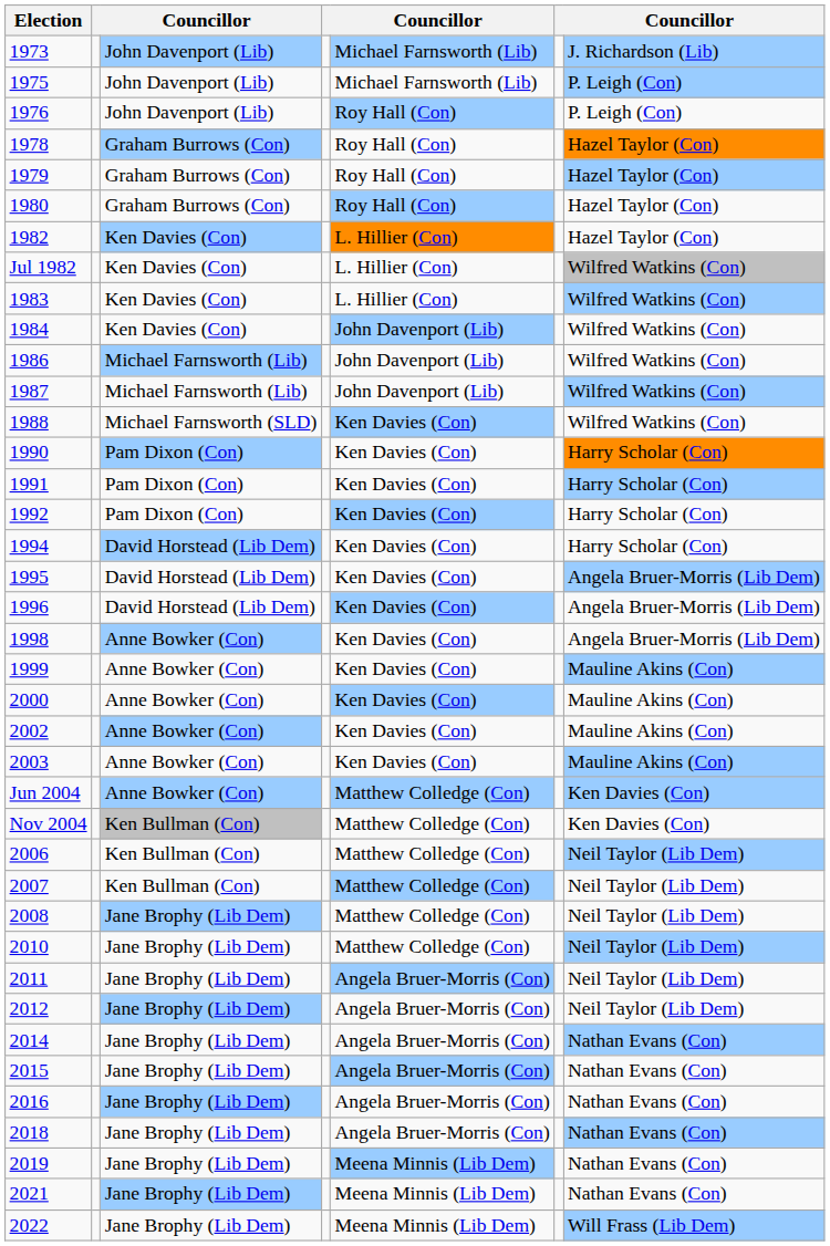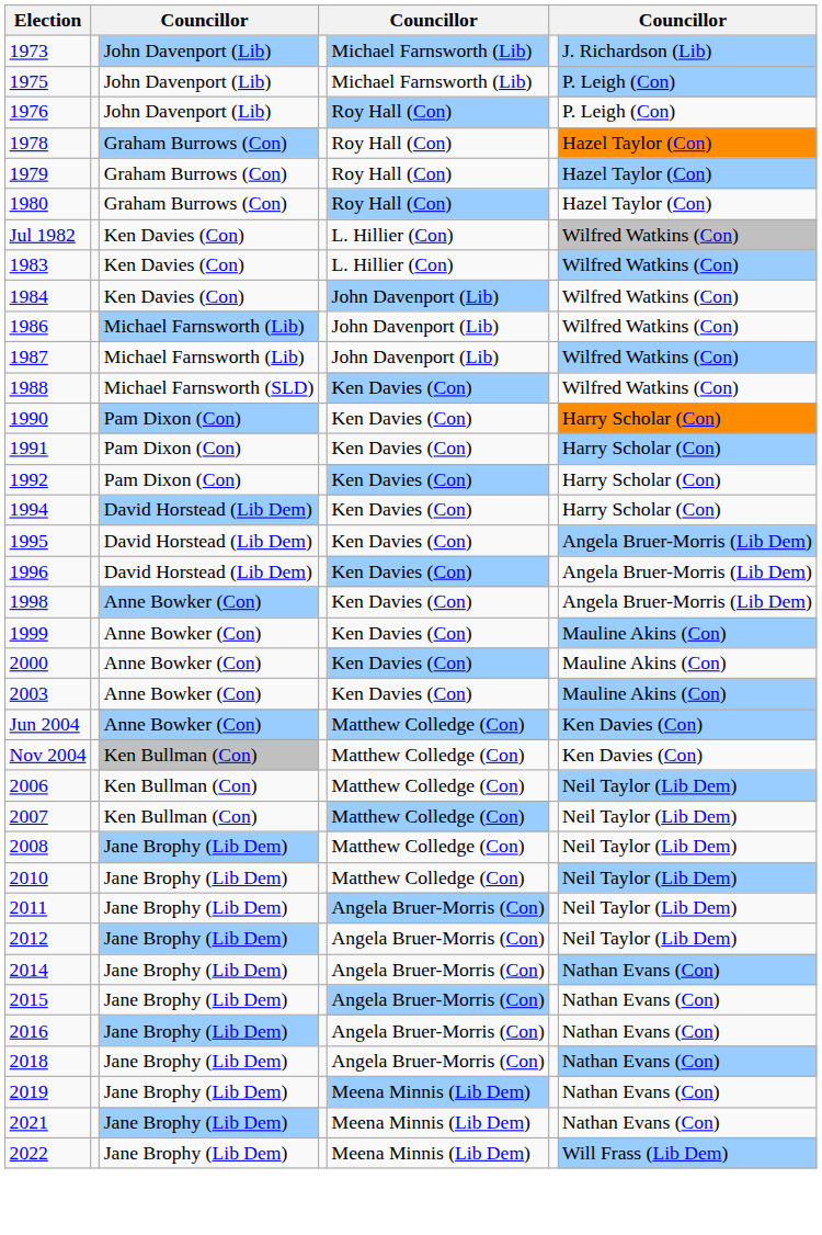 <table class="wikitable">
 <tr>
 <th>Election</th>
 <th colspan="2">Councillor</th>
 <th colspan="2">Councillor</th>
 <th colspan="2">Councillor</th>
 </tr>
 <tr>
 <td><a href='#'>1973</a></td>
 <td style="background-color: "></td>
 <td bgcolor="#99CCFF">John Davenport (<a href='#'>Lib</a>)</td>
 <td style="background-color: "></td>
 <td bgcolor="#99CCFF">Michael Farnsworth (<a href='#'>Lib</a>)</td>
 <td style="background-color: "></td>
 <td bgcolor="#99CCFF">J. Richardson (<a href='#'>Lib</a>)</td>
 </tr>
 <tr>
 <td><a href='#'>1975</a></td>
 <td style="background-color: "></td>
 <td>John Davenport (<a href='#'>Lib</a>)</td>
 <td style="background-color: "></td>
 <td>Michael Farnsworth (<a href='#'>Lib</a>)</td>
 <td style="background-color: "></td>
 <td bgcolor="#99CCFF">P. Leigh (<a href='#'>Con</a>)</td>
 </tr>
 <tr>
 <td><a href='#'>1976</a></td>
 <td style="background-color: "></td>
 <td>John Davenport (<a href='#'>Lib</a>)</td>
 <td style="background-color: "></td>
 <td bgcolor="#99CCFF">Roy Hall (<a href='#'>Con</a>)</td>
 <td style="background-color: "></td>
 <td>P. Leigh (<a href='#'>Con</a>)</td>
 </tr>
 <tr>
 <td><a href='#'>1978</a></td>
 <td style="background-color: "></td>
 <td bgcolor="#99CCFF">Graham Burrows (<a href='#'>Con</a>)</td>
 <td style="background-color: "></td>
 <td>Roy Hall (<a href='#'>Con</a>)</td>
 <td style="background-color: "></td>
 <td bgcolor="#FF8C00">Hazel Taylor (<a href='#'>Con</a>)</td>
 </tr>
 <tr>
 <td><a href='#'>1979</a></td>
 <td style="background-color: "></td>
 <td>Graham Burrows (<a href='#'>Con</a>)</td>
 <td style="background-color: "></td>
 <td>Roy Hall (<a href='#'>Con</a>)</td>
 <td style="background-color: "></td>
 <td bgcolor="#99CCFF">Hazel Taylor (<a href='#'>Con</a>)</td>
 </tr>
 <tr>
 <td><a href='#'>1980</a></td>
 <td style="background-color: "></td>
 <td>Graham Burrows (<a href='#'>Con</a>)</td>
 <td style="background-color: "></td>
 <td bgcolor="#99CCFF">Roy Hall (<a href='#'>Con</a>)</td>
-<td style="background-color: "></td>
-<td>Hazel Taylor (<a href='#'>Con</a>)</td>
-</tr>
-<tr>
-<td><a href='#'>1982</a></td>
-<td style="background-color: "></td>
-<td bgcolor="#99CCFF">Ken Davies (<a href='#'>Con</a>)</td>
-<td style="background-color: "></td>
-<td bgcolor="#FF8C00">L. Hillier (<a href='#'>Con</a>)</td>
 <td style="background-color: "></td>
 <td>Hazel Taylor (<a href='#'>Con</a>)</td>
 </tr>
 <tr>
 <td><a href='#'>Jul 1982</a></td>
 <td style="background-color: "></td>
 <td>Ken Davies (<a href='#'>Con</a>)</td>
 <td style="background-color: "></td>
 <td>L. Hillier (<a href='#'>Con</a>)</td>
 <td style="background-color: "></td>
 <td bgcolor="#C0C0C0">Wilfred Watkins (<a href='#'>Con</a>)</td>
 </tr>
 <tr>
 <td><a href='#'>1983</a></td>
 <td style="background-color: "></td>
 <td>Ken Davies (<a href='#'>Con</a>)</td>
 <td style="background-color: "></td>
 <td>L. Hillier (<a href='#'>Con</a>)</td>
 <td style="background-color: "></td>
 <td bgcolor="#99CCFF">Wilfred Watkins (<a href='#'>Con</a>)</td>
 </tr>
 <tr>
 <td><a href='#'>1984</a></td>
 <td style="background-color: "></td>
 <td>Ken Davies (<a href='#'>Con</a>)</td>
 <td style="background-color: "></td>
 <td bgcolor="#99CCFF">John Davenport (<a href='#'>Lib</a>)</td>
 <td style="background-color: "></td>
 <td>Wilfred Watkins (<a href='#'>Con</a>)</td>
 </tr>
 <tr>
 <td><a href='#'>1986</a></td>
 <td style="background-color: "></td>
 <td bgcolor="#99CCFF">Michael Farnsworth (<a href='#'>Lib</a>)</td>
 <td style="background-color: "></td>
 <td>John Davenport (<a href='#'>Lib</a>)</td>
 <td style="background-color: "></td>
 <td>Wilfred Watkins (<a href='#'>Con</a>)</td>
 </tr>
 <tr>
 <td><a href='#'>1987</a></td>
 <td style="background-color: "></td>
 <td>Michael Farnsworth (<a href='#'>Lib</a>)</td>
 <td style="background-color: "></td>
 <td>John Davenport (<a href='#'>Lib</a>)</td>
 <td style="background-color: "></td>
 <td bgcolor="#99CCFF">Wilfred Watkins (<a href='#'>Con</a>)</td>
 </tr>
 <tr>
 <td><a href='#'>1988</a></td>
 <td style="background-color: "></td>
 <td>Michael Farnsworth (<a href='#'>SLD</a>)</td>
 <td style="background-color: "></td>
 <td bgcolor="#99CCFF">Ken Davies (<a href='#'>Con</a>)</td>
 <td style="background-color: "></td>
 <td>Wilfred Watkins (<a href='#'>Con</a>)</td>
 </tr>
 <tr>
 <td><a href='#'>1990</a></td>
 <td style="background-color: "></td>
 <td bgcolor="#99CCFF">Pam Dixon (<a href='#'>Con</a>)</td>
 <td style="background-color: "></td>
 <td>Ken Davies (<a href='#'>Con</a>)</td>
 <td style="background-color: "></td>
 <td bgcolor="#FF8C00">Harry Scholar (<a href='#'>Con</a>)</td>
 </tr>
 <tr>
 <td><a href='#'>1991</a></td>
 <td style="background-color: "></td>
 <td>Pam Dixon (<a href='#'>Con</a>)</td>
 <td style="background-color: "></td>
 <td>Ken Davies (<a href='#'>Con</a>)</td>
 <td style="background-color: "></td>
 <td bgcolor="#99CCFF">Harry Scholar (<a href='#'>Con</a>)</td>
 </tr>
 <tr>
 <td><a href='#'>1992</a></td>
 <td style="background-color: "></td>
 <td>Pam Dixon (<a href='#'>Con</a>)</td>
 <td style="background-color: "></td>
 <td bgcolor="#99CCFF">Ken Davies (<a href='#'>Con</a>)</td>
 <td style="background-color: "></td>
 <td>Harry Scholar (<a href='#'>Con</a>)</td>
 </tr>
 <tr>
 <td><a href='#'>1994</a></td>
 <td style="background-color: "></td>
 <td bgcolor="#99CCFF">David Horstead (<a href='#'>Lib Dem</a>)</td>
 <td style="background-color: "></td>
 <td>Ken Davies (<a href='#'>Con</a>)</td>
 <td style="background-color: "></td>
 <td>Harry Scholar (<a href='#'>Con</a>)</td>
 </tr>
 <tr>
 <td><a href='#'>1995</a></td>
 <td style="background-color: "></td>
 <td>David Horstead (<a href='#'>Lib Dem</a>)</td>
 <td style="background-color: "></td>
 <td>Ken Davies (<a href='#'>Con</a>)</td>
 <td style="background-color: "></td>
 <td bgcolor="#99CCFF">Angela Bruer-Morris (<a href='#'>Lib Dem</a>)</td>
 </tr>
 <tr>
 <td><a href='#'>1996</a></td>
 <td style="background-color: "></td>
 <td>David Horstead (<a href='#'>Lib Dem</a>)</td>
 <td style="background-color: "></td>
 <td bgcolor="#99CCFF">Ken Davies (<a href='#'>Con</a>)</td>
 <td style="background-color: "></td>
 <td>Angela Bruer-Morris (<a href='#'>Lib Dem</a>)</td>
 </tr>
 <tr>
 <td><a href='#'>1998</a></td>
 <td style="background-color: "></td>
 <td bgcolor="#99CCFF">Anne Bowker (<a href='#'>Con</a>)</td>
 <td style="background-color: "></td>
 <td>Ken Davies (<a href='#'>Con</a>)</td>
 <td style="background-color: "></td>
 <td>Angela Bruer-Morris (<a href='#'>Lib Dem</a>)</td>
 </tr>
 <tr>
 <td><a href='#'>1999</a></td>
 <td style="background-color: "></td>
 <td>Anne Bowker (<a href='#'>Con</a>)</td>
 <td style="background-color: "></td>
 <td>Ken Davies (<a href='#'>Con</a>)</td>
 <td style="background-color: "></td>
 <td bgcolor="#99CCFF">Mauline Akins (<a href='#'>Con</a>)</td>
 </tr>
 <tr>
 <td><a href='#'>2000</a></td>
 <td style="background-color: "></td>
 <td>Anne Bowker (<a href='#'>Con</a>)</td>
 <td style="background-color: "></td>
 <td bgcolor="#99CCFF">Ken Davies (<a href='#'>Con</a>)</td>
-<td style="background-color: "></td>
-<td>Mauline Akins (<a href='#'>Con</a>)</td>
-</tr>
-<tr>
-<td><a href='#'>2002</a></td>
-<td style="background-color: "></td>
-<td bgcolor="#99CCFF">Anne Bowker (<a href='#'>Con</a>)</td>
-<td style="background-color: "></td>
-<td>Ken Davies (<a href='#'>Con</a>)</td>
 <td style="background-color: "></td>
 <td>Mauline Akins (<a href='#'>Con</a>)</td>
 </tr>
 <tr>
 <td><a href='#'>2003</a></td>
 <td style="background-color: "></td>
 <td>Anne Bowker (<a href='#'>Con</a>)</td>
 <td style="background-color: "></td>
 <td>Ken Davies (<a href='#'>Con</a>)</td>
 <td style="background-color: "></td>
 <td bgcolor="#99CCFF">Mauline Akins (<a href='#'>Con</a>)</td>
 </tr>
 <tr>
 <td><a href='#'>Jun 2004</a></td>
 <td style="background-color: "></td>
 <td bgcolor="#99CCFF">Anne Bowker (<a href='#'>Con</a>)</td>
 <td style="background-color: "></td>
 <td bgcolor="#99CCFF">Matthew Colledge (<a href='#'>Con</a>)</td>
 <td style="background-color: "></td>
 <td bgcolor="#99CCFF">Ken Davies (<a href='#'>Con</a>)</td>
 </tr>
 <tr>
 <td><a href='#'>Nov 2004</a></td>
 <td style="background-color: "></td>
 <td bgcolor="#C0C0C0">Ken Bullman (<a href='#'>Con</a>)</td>
 <td style="background-color: "></td>
 <td>Matthew Colledge (<a href='#'>Con</a>)</td>
 <td style="background-color: "></td>
 <td>Ken Davies (<a href='#'>Con</a>)</td>
 </tr>
 <tr>
 <td><a href='#'>2006</a></td>
 <td style="background-color: "></td>
 <td>Ken Bullman (<a href='#'>Con</a>)</td>
 <td style="background-color: "></td>
 <td>Matthew Colledge (<a href='#'>Con</a>)</td>
 <td style="background-color: "></td>
 <td bgcolor="#99CCFF">Neil Taylor (<a href='#'>Lib Dem</a>)</td>
 </tr>
 <tr>
 <td><a href='#'>2007</a></td>
 <td style="background-color: "></td>
 <td>Ken Bullman (<a href='#'>Con</a>)</td>
 <td style="background-color: "></td>
 <td bgcolor="#99CCFF">Matthew Colledge (<a href='#'>Con</a>)</td>
 <td style="background-color: "></td>
 <td>Neil Taylor (<a href='#'>Lib Dem</a>)</td>
 </tr>
 <tr>
 <td><a href='#'>2008</a></td>
 <td style="background-color: "></td>
 <td bgcolor="#99CCFF">Jane Brophy (<a href='#'>Lib Dem</a>)</td>
 <td style="background-color: "></td>
 <td>Matthew Colledge (<a href='#'>Con</a>)</td>
 <td style="background-color: "></td>
 <td>Neil Taylor (<a href='#'>Lib Dem</a>)</td>
 </tr>
 <tr>
 <td><a href='#'>2010</a></td>
 <td style="background-color: "></td>
 <td>Jane Brophy (<a href='#'>Lib Dem</a>)</td>
 <td style="background-color: "></td>
 <td>Matthew Colledge (<a href='#'>Con</a>)</td>
 <td style="background-color: "></td>
 <td bgcolor="#99CCFF">Neil Taylor (<a href='#'>Lib Dem</a>)</td>
 </tr>
 <tr>
 <td><a href='#'>2011</a></td>
 <td style="background-color: "></td>
 <td>Jane Brophy (<a href='#'>Lib Dem</a>)</td>
 <td style="background-color: "></td>
 <td bgcolor="#99CCFF">Angela Bruer-Morris (<a href='#'>Con</a>)</td>
 <td style="background-color: "></td>
 <td>Neil Taylor (<a href='#'>Lib Dem</a>)</td>
 </tr>
 <tr>
 <td><a href='#'>2012</a></td>
 <td style="background-color: "></td>
 <td bgcolor="#99CCFF">Jane Brophy (<a href='#'>Lib Dem</a>)</td>
 <td style="background-color: "></td>
 <td>Angela Bruer-Morris (<a href='#'>Con</a>)</td>
 <td style="background-color: "></td>
 <td>Neil Taylor (<a href='#'>Lib Dem</a>)</td>
 </tr>
 <tr>
 <td><a href='#'>2014</a></td>
 <td style="background-color: "></td>
 <td>Jane Brophy (<a href='#'>Lib Dem</a>)</td>
 <td style="background-color: "></td>
 <td>Angela Bruer-Morris (<a href='#'>Con</a>)</td>
 <td style="background-color: "></td>
 <td bgcolor="#99CCFF">Nathan Evans (<a href='#'>Con</a>)</td>
 </tr>
 <tr>
 <td><a href='#'>2015</a></td>
 <td style="background-color: "></td>
 <td>Jane Brophy (<a href='#'>Lib Dem</a>)</td>
 <td style="background-color: "></td>
 <td bgcolor="#99CCFF">Angela Bruer-Morris (<a href='#'>Con</a>)</td>
 <td style="background-color: "></td>
 <td>Nathan Evans (<a href='#'>Con</a>)</td>
 </tr>
 <tr>
 <td><a href='#'>2016</a></td>
 <td style="background-color: "></td>
 <td bgcolor="#99CCFF">Jane Brophy (<a href='#'>Lib Dem</a>)</td>
 <td style="background-color: "></td>
 <td>Angela Bruer-Morris (<a href='#'>Con</a>)</td>
 <td style="background-color: "></td>
 <td>Nathan Evans (<a href='#'>Con</a>)</td>
 </tr>
 <tr>
 <td><a href='#'>2018</a></td>
 <td style="background-color: "></td>
 <td>Jane Brophy (<a href='#'>Lib Dem</a>)</td>
 <td style="background-color: "></td>
 <td>Angela Bruer-Morris (<a href='#'>Con</a>)</td>
 <td style="background-color: "></td>
 <td bgcolor="#99CCFF">Nathan Evans (<a href='#'>Con</a>)</td>
 </tr>
 <tr>
 <td><a href='#'>2019</a></td>
 <td style="background-color: "></td>
 <td>Jane Brophy (<a href='#'>Lib Dem</a>)</td>
 <td style="background-color: "></td>
 <td bgcolor="#99CCFF">Meena Minnis (<a href='#'>Lib Dem</a>)</td>
 <td style="background-color: "></td>
 <td>Nathan Evans (<a href='#'>Con</a>)</td>
 </tr>
 <tr>
 <td><a href='#'>2021</a></td>
 <td style="background-color: "></td>
 <td bgcolor="#99CCFF">Jane Brophy (<a href='#'>Lib Dem</a>)</td>
 <td style="background-color: "></td>
 <td>Meena Minnis (<a href='#'>Lib Dem</a>)</td>
 <td style="background-color: "></td>
 <td>Nathan Evans (<a href='#'>Con</a>)</td>
 </tr>
 <tr>
 <td><a href='#'>2022</a></td>
 <td style="background-color: "></td>
 <td>Jane Brophy (<a href='#'>Lib Dem</a>)</td>
 <td style="background-color: "></td>
 <td>Meena Minnis (<a href='#'>Lib Dem</a>)</td>
 <td style="background-color: "></td>
 <td bgcolor="#99CCFF">Will Frass (<a href='#'>Lib Dem</a>)</td>
 </tr>
 </table>
